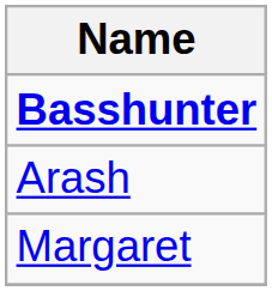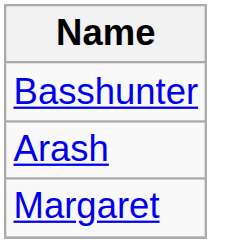 <table class="wikitable sortable">
 <tr>
 <th>Name</th>
 </tr>
 <tr>
-<td><strong><a href='#'>Basshunter</a></strong></td>
+<td><a href='#'>Basshunter</a></td>
 </tr>
 <tr>
 <td><a href='#'>Arash</a></td>
 </tr>
 <tr>
 <td><a href='#'>Margaret</a></td>
 </tr>
 <tr>
 </tr>
 </table>
